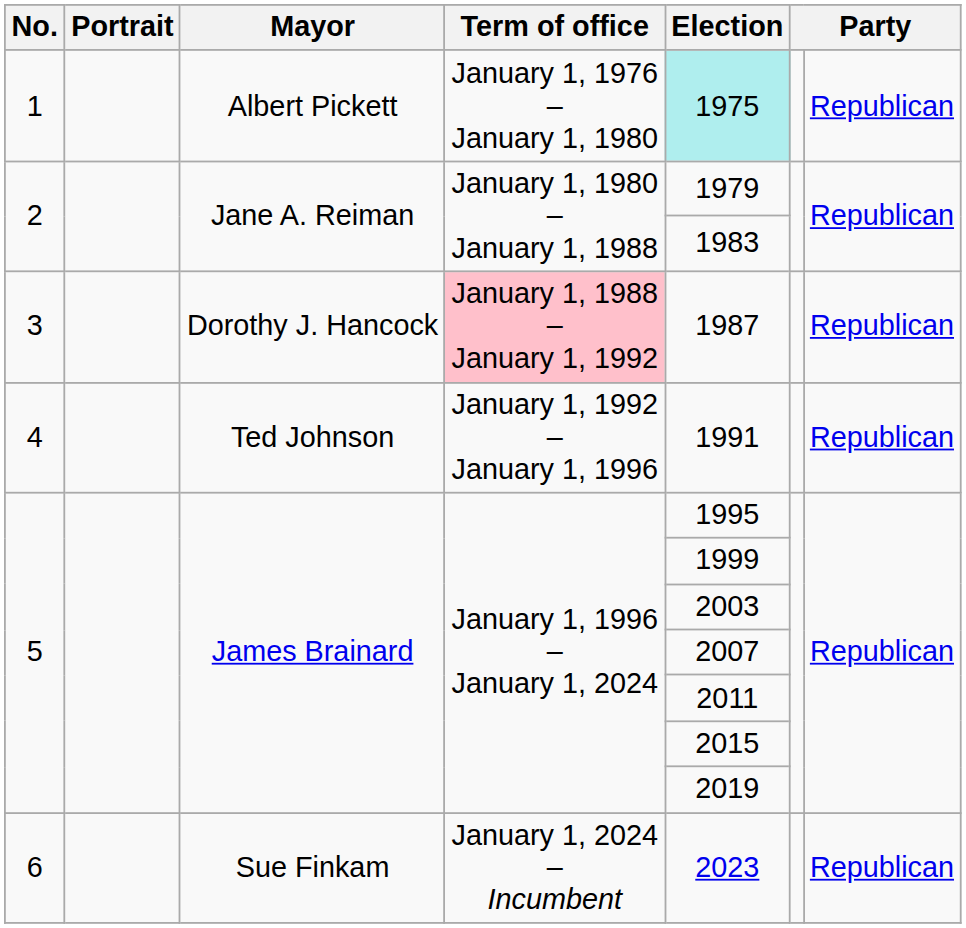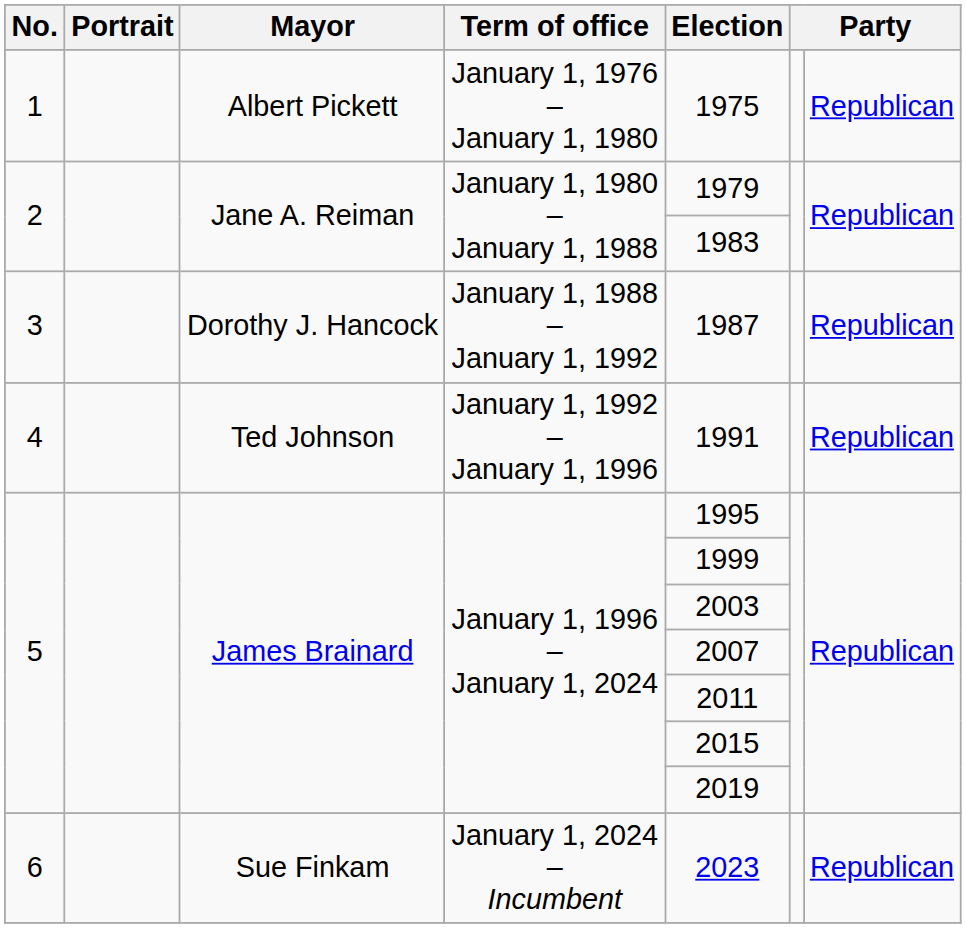 <table class="wikitable" style="text-align: center">
 <tr>
 <th>No.</th>
 <th>Portrait</th>
 <th>Mayor</th>
 <th>Term of office</th>
 <th>Election</th>
 <th colspan=2>Party</th>
 </tr>
 <tr>
 <td>1</td>
 <td></td>
 <td>Albert Pickett</td>
 <td>January 1, 1976<br>–<br>January 1, 1980</td>
-<td style="background: paleturquoise;">1975</td>
+<td>1975</td>
 <td style="background-color:"></td>
 <td><a href='#'>Republican</a></td>
 </tr>
 <tr>
 <td rowspan=2>2</td>
 <td rowspan=2></td>
 <td rowspan=2>Jane A. Reiman</td>
 <td rowspan=2>January 1, 1980<br>–<br>January 1, 1988</td>
 <td>1979</td>
 <td rowspan=2 style="background-color:"></td>
 <td rowspan=2><a href='#'>Republican</a></td>
 </tr>
 <tr>
 <td>1983</td>
 </tr>
 <tr>
 <td>3</td>
 <td></td>
 <td>Dorothy J. Hancock</td>
-<td style="background: pink;">January 1, 1988<br>–<br>January 1, 1992</td>
+<td>January 1, 1988<br>–<br>January 1, 1992</td>
 <td>1987</td>
 <td style="background-color:"></td>
 <td><a href='#'>Republican</a></td>
 </tr>
 <tr>
 <td>4</td>
 <td></td>
 <td>Ted Johnson</td>
 <td>January 1, 1992<br>–<br>January 1, 1996</td>
 <td>1991</td>
 <td style="background-color:"></td>
 <td><a href='#'>Republican</a></td>
 </tr>
 <tr>
 <td rowspan=7>5</td>
 <td rowspan=7></td>
 <td rowspan=7><a href='#'>James Brainard</a></td>
 <td rowspan=7>January 1, 1996<br>–<br>January 1, 2024</td>
 <td>1995</td>
 <td rowspan=7 style="background-color:"></td>
 <td rowspan=7><a href='#'>Republican</a></td>
 </tr>
 <tr>
 <td>1999</td>
 </tr>
 <tr>
 <td>2003</td>
 </tr>
 <tr>
 <td>2007</td>
 </tr>
 <tr>
 <td>2011</td>
 </tr>
 <tr>
 <td>2015</td>
 </tr>
 <tr>
 <td>2019</td>
 </tr>
 <tr>
 <td>6</td>
 <td></td>
 <td>Sue Finkam</td>
 <td>January 1, 2024 <br>–<br> <em>Incumbent</em></td>
 <td><a href='#'>2023</a></td>
 <td style="background-color:"></td>
 <td><a href='#'>Republican</a></td>
 </tr>
 </table>
